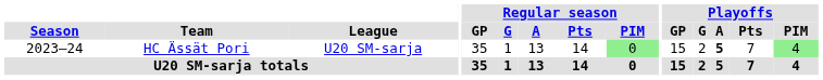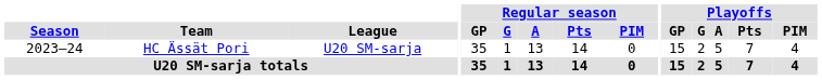 <table border="0" cellpadding="1" cellspacing="0" style="text-align:center; width:60em;">
 <tr bgcolor="#e0e0e0">
 <th colspan="3" bgcolor="#ffffff"></th>
 <th rowspan="94" bgcolor="#ffffff"></th>
 <th colspan="5"><a href='#'>Regular season</a></th>
 <th rowspan="94" bgcolor="#ffffff"></th>
 <th colspan="5"><a href='#'>Playoffs</a></th>
 </tr>
 <tr bgcolor="#e0e0e0">
 <th><a href='#'>Season</a></th>
 <th>Team</th>
 <th>League</th>
 <th>GP</th>
 <th><a href='#'>G</a></th>
 <th><a href='#'>A</a></th>
 <th><a href='#'>Pts</a></th>
 <th><a href='#'>PIM</a></th>
 <th>GP</th>
 <th>G</th>
 <th>A</th>
 <th>Pts</th>
 <th>PIM</th>
 </tr>
 <tr>
 <td>2023–24</td>
 <td><a href='#'>HC Ässät Pori</a></td>
 <td><a href='#'>U20 SM-sarja</a></td>
 <td>35</td>
 <td>1</td>
 <td>13</td>
 <td>14</td>
-<td style="background: lightgreen;">0</td>
+<td>0</td>
 <td>15</td>
 <td>2</td>
-<td><strong>5</strong></td>
+<td>5</td>
 <td>7</td>
-<td style="background: lightgreen;">4</td>
+<td>4</td>
 </tr>
 <tr bgcolor="#e0e0e0">
 <th colspan="3">U20 SM-sarja totals</th>
 <th>35</th>
 <th>1</th>
 <th>13</th>
 <th>14</th>
 <th>0</th>
 <th>15</th>
 <th>2</th>
 <th>5</th>
 <th>7</th>
 <th>4</th>
 </tr>
 </table>
